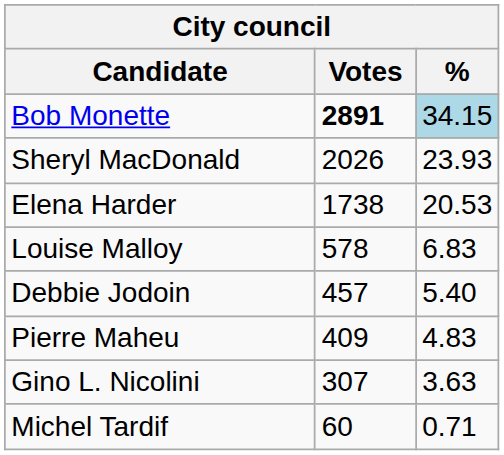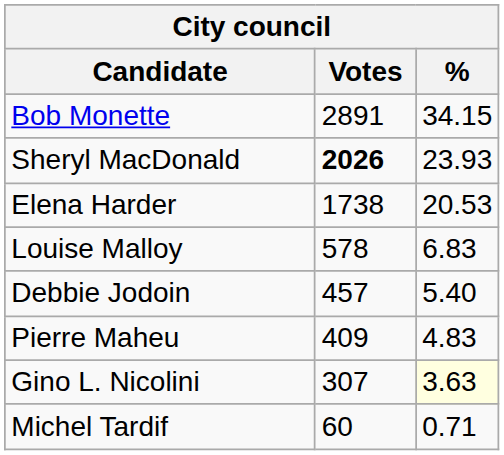 <table class="wikitable">
 <tr>
 <th colspan="3">City council</th>
 </tr>
 <tr>
 <th style="width: 170px">Candidate</th>
 <th style="width: 50px">Votes</th>
 <th style="width: 40px">%</th>
 </tr>
 <tr>
 <td><a href='#'>Bob Monette</a></td>
-<td><strong>2891</strong></td>
-<td style="background: lightblue;">34.15</td>
+<td>2891</td>
+<td>34.15</td>
 </tr>
 <tr>
 <td>Sheryl MacDonald</td>
-<td>2026</td>
+<td><strong>2026</strong></td>
 <td>23.93</td>
 </tr>
 <tr>
 <td>Elena Harder</td>
 <td>1738</td>
 <td>20.53</td>
 </tr>
 <tr>
 <td>Louise Malloy</td>
 <td>578</td>
 <td>6.83</td>
 </tr>
 <tr>
 <td>Debbie Jodoin</td>
 <td>457</td>
 <td>5.40</td>
 </tr>
 <tr>
 <td>Pierre Maheu</td>
 <td>409</td>
 <td>4.83</td>
 </tr>
 <tr>
 <td>Gino L. Nicolini</td>
 <td>307</td>
-<td>3.63</td>
+<td style="background: lightyellow;">3.63</td>
 </tr>
 <tr>
 <td>Michel Tardif</td>
 <td>60</td>
 <td>0.71</td>
 </tr>
 </table>
